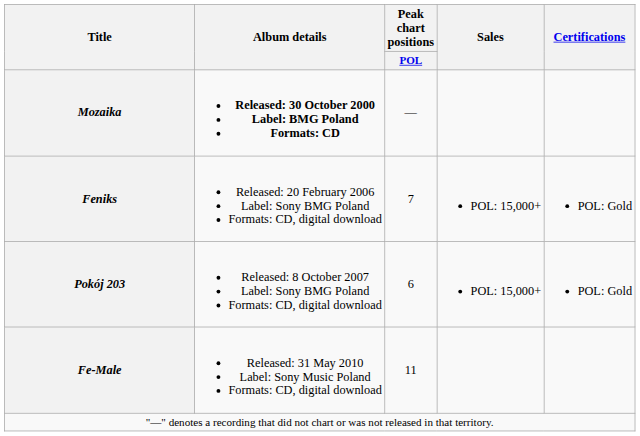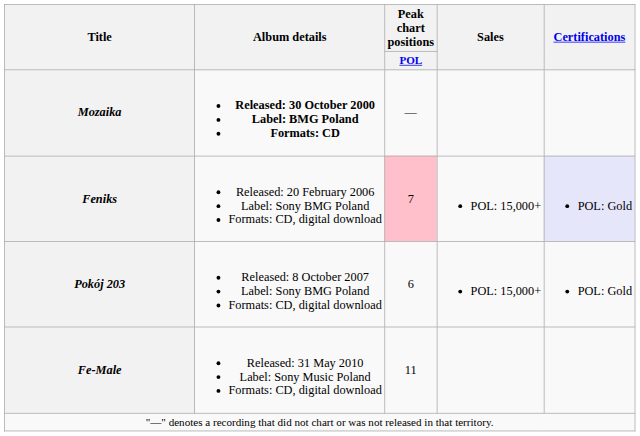 <table class="wikitable plainrowheaders" style="text-align:center;">
 <tr>
 <th scope="col" rowspan="2" style="width:15em;">Title</th>
 <th scope="col" rowspan="2">Album details</th>
 <th scope="col" colspan="1">Peak chart positions</th>
 <th scope="col" rowspan="2">Sales</th>
 <th scope="col" rowspan="2"><a href='#'>Certifications</a></th>
 </tr>
 <tr>
 <th scope="col" style="width:3em;font-size:90%;"><a href='#'>POL</a><br></th>
 </tr>
 <tr>
 <th scope="row"><em>Mozaika</em></th>
 <td><strong><br><ul><li>Released: 30 October 2000</li><li>Label: BMG Poland</li><li>Formats: CD</li></ul></strong></td>
 <td>—</td>
 <td></td>
 <td></td>
 </tr>
 <tr>
 <th scope="row"><em>Feniks</em></th>
 <td><br><ul><li>Released: 20 February 2006</li><li>Label: Sony BMG Poland</li><li>Formats: CD, digital download</li></ul></td>
-<td>7</td>
+<td style="background: pink;">7</td>
 <td><br><ul><li>POL: 15,000+</li></ul></td>
-<td><br><ul><li>POL: Gold</li></ul></td>
+<td style="background: lavender;"><br><ul><li>POL: Gold</li></ul></td>
 </tr>
 <tr>
 <th scope="row"><em>Pokój 203</em></th>
 <td><br><ul><li>Released: 8 October 2007</li><li>Label: Sony BMG Poland</li><li>Formats: CD, digital download</li></ul></td>
 <td>6</td>
 <td><br><ul><li>POL: 15,000+</li></ul></td>
 <td><br><ul><li>POL: Gold</li></ul></td>
 </tr>
 <tr>
 <th scope="row"><em>Fe-Male</em></th>
 <td><br><ul><li>Released: 31 May 2010</li><li>Label: Sony Music Poland</li><li>Formats: CD, digital download</li></ul></td>
 <td>11</td>
 <td></td>
 <td></td>
 </tr>
 <tr>
 <td colspan="20" style="font-size:90%">"—" denotes a recording that did not chart or was not released in that territory.</td>
 </tr>
 </table>
